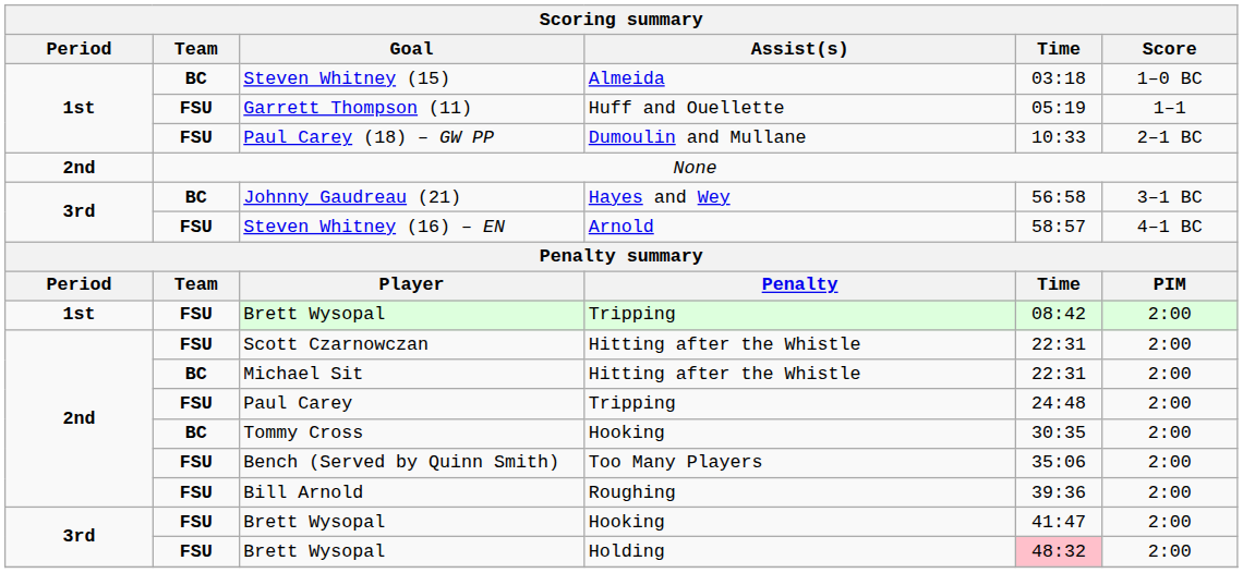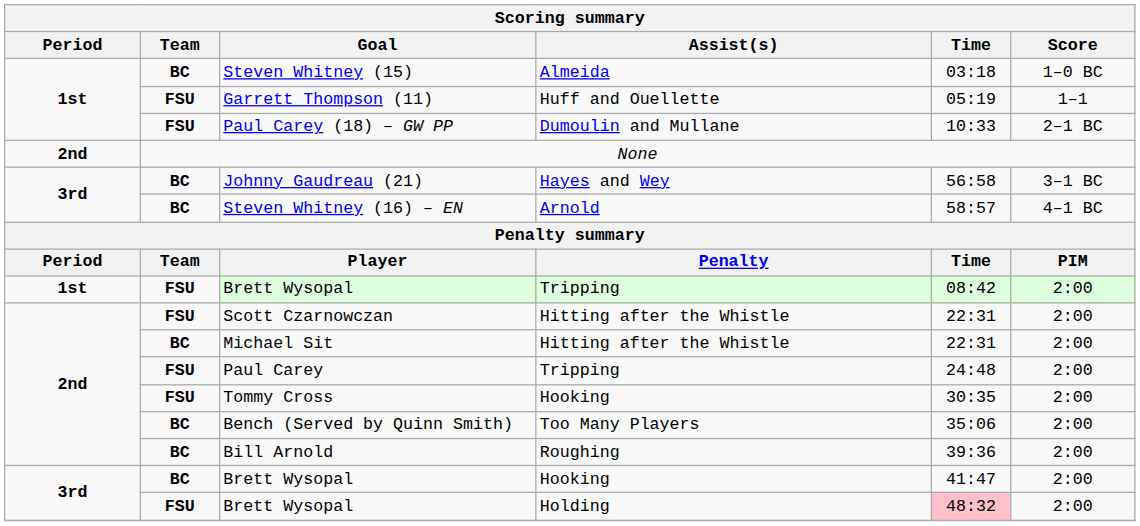 <table style="width:100%;" class="wikitable">
 <tr>
 <th colspan=6>Scoring summary</th>
 </tr>
 <tr>
 <th style="width:12%;">Period</th>
 <th style="width:7%;">Team</th>
 <th style="width:28%;">Goal</th>
 <th style="width:35%;">Assist(s)</th>
 <th style="width:7%;">Time</th>
 <th style="width:11%;">Score</th>
 </tr>
 <tr>
 <td style="text-align:center;" rowspan="3"><strong>1st</strong></td>
 <td align=center><strong>BC</strong></td>
 <td><a href='#'>Steven Whitney</a> (15)</td>
 <td><a href='#'>Almeida</a></td>
 <td align=center>03:18</td>
 <td align=center>1–0 BC</td>
 </tr>
 <tr>
 <td align=center><strong>FSU</strong></td>
 <td><a href='#'>Garrett Thompson</a> (11)</td>
 <td>Huff and Ouellette</td>
 <td align=center>05:19</td>
 <td align=center>1–1</td>
 </tr>
 <tr>
 <td align=center><strong>FSU</strong></td>
 <td><a href='#'>Paul Carey</a> (18) – <em>GW PP</em></td>
 <td><a href='#'>Dumoulin</a> and Mullane</td>
 <td align=center>10:33</td>
 <td align=center>2–1 BC</td>
 </tr>
 <tr>
 <td style="text-align:center;" rowspan="1"><strong>2nd</strong></td>
 <td style="text-align:center;" colspan="5"><em>None</em></td>
 </tr>
 <tr>
 <td style="text-align:center;" rowspan="2"><strong>3rd</strong></td>
 <td align=center><strong>BC</strong></td>
 <td><a href='#'>Johnny Gaudreau</a> (21)</td>
 <td><a href='#'>Hayes</a> and <a href='#'>Wey</a></td>
 <td align=center>56:58</td>
 <td align=center>3–1 BC</td>
 </tr>
 <tr>
-<td align=center><strong>FSU</strong></td>
+<td align=center><strong>BC</strong></td>
 <td><a href='#'>Steven Whitney</a> (16) – <em>EN</em></td>
 <td><a href='#'>Arnold</a></td>
 <td align=center>58:57</td>
 <td align=center>4–1 BC</td>
 </tr>
 <tr>
 <th colspan=6>Penalty summary</th>
 </tr>
 <tr>
 <th style="width:12%;">Period</th>
 <th style="width:7%;">Team</th>
 <th style="width:28%;">Player</th>
 <th style="width:35%;"><a href='#'>Penalty</a></th>
 <th style="width:7%;">Time</th>
 <th style="width:11%;">PIM</th>
 </tr>
 <tr>
 <td style="text-align:center;" rowspan="1"><strong>1st</strong></td>
 <td align=center><strong>FSU</strong></td>
 <td bgcolor=ddffdd>Brett Wysopal</td>
 <td bgcolor=ddffdd>Tripping</td>
 <td align=center bgcolor=ddffdd>08:42</td>
 <td align=center bgcolor=ddffdd>2:00</td>
 </tr>
 <tr>
 <td style="text-align:center;" rowspan="6"><strong>2nd</strong></td>
 <td align=center><strong>FSU</strong></td>
 <td>Scott Czarnowczan</td>
 <td>Hitting after the Whistle</td>
 <td align=center>22:31</td>
 <td align=center>2:00</td>
 </tr>
 <tr>
 <td align=center><strong>BC</strong></td>
 <td>Michael Sit</td>
 <td>Hitting after the Whistle</td>
 <td align=center>22:31</td>
 <td align=center>2:00</td>
 </tr>
 <tr>
 <td align=center><strong>FSU</strong></td>
 <td>Paul Carey</td>
 <td>Tripping</td>
 <td align=center>24:48</td>
 <td align=center>2:00</td>
 </tr>
 <tr>
-<td align=center><strong>BC</strong></td>
+<td align=center><strong>FSU</strong></td>
 <td>Tommy Cross</td>
 <td>Hooking</td>
 <td align=center>30:35</td>
 <td align=center>2:00</td>
 </tr>
 <tr>
-<td align=center><strong>FSU</strong></td>
+<td align=center><strong>BC</strong></td>
 <td>Bench (Served by Quinn Smith)</td>
 <td>Too Many Players</td>
 <td align=center>35:06</td>
 <td align=center>2:00</td>
 </tr>
 <tr>
-<td align=center><strong>FSU</strong></td>
+<td align=center><strong>BC</strong></td>
 <td>Bill Arnold</td>
 <td>Roughing</td>
 <td align=center>39:36</td>
 <td align=center>2:00</td>
 </tr>
 <tr>
 <td style="text-align:center;" rowspan="2"><strong>3rd</strong></td>
-<td align=center><strong>FSU</strong></td>
+<td align=center><strong>BC</strong></td>
 <td>Brett Wysopal</td>
 <td>Hooking</td>
 <td align=center>41:47</td>
 <td align=center>2:00</td>
 </tr>
 <tr>
 <td align=center><strong>FSU</strong></td>
 <td>Brett Wysopal</td>
 <td>Holding</td>
 <td align=center style="background: pink;">48:32</td>
 <td align=center>2:00</td>
 </tr>
 <tr>
 </tr>
 </table>
